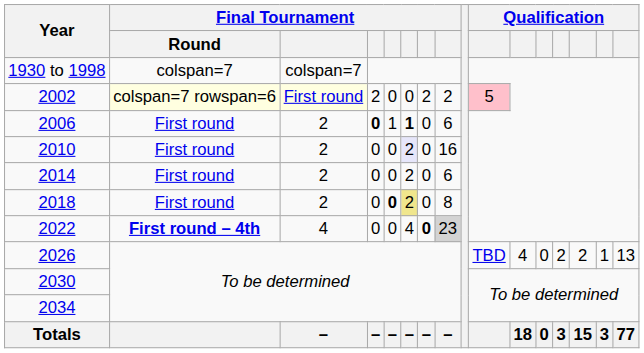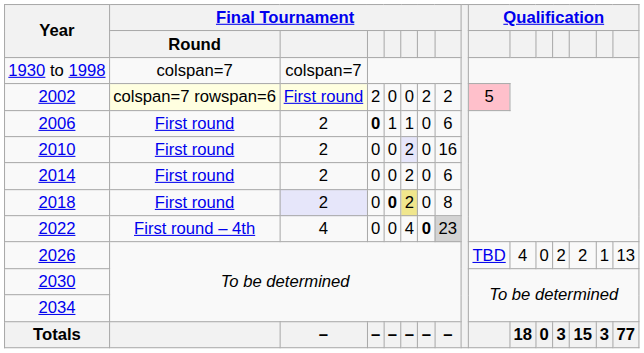 <table class="wikitable" style="text-align: center;font-size:100%;">
 <tr>
 <th rowspan=2>Year</th>
 <th colspan=7><a href='#'>Final Tournament</a></th>
 <th rowspan=13></th>
 <th colspan=7><a href='#'>Qualification</a></th>
 </tr>
 <tr>
 <th>Round</th>
 <th></th>
 <th></th>
 <th></th>
 <th></th>
 <th></th>
 <th></th>
 <th></th>
 <th></th>
 <th></th>
 <th></th>
 <th></th>
 <th></th>
 <th></th>
 </tr>
 <tr>
 <td><a href='#'>1930</a> to <a href='#'>1998</a></td>
 <td>colspan=7 </td>
 <td>colspan=7 </td>
 </tr>
 <tr>
 <td>  <a href='#'>2002</a></td>
 <td style="background: lightyellow;">colspan=7 rowspan=6 </td>
 <td style="background: lightyellow;"><a href='#'>First round</a></td>
 <td>2</td>
 <td>0</td>
 <td>0</td>
 <td>2</td>
 <td>2</td>
 <td style="background: pink;">5</td>
 </tr>
 <tr>
 <td> <a href='#'>2006</a></td>
 <td><a href='#'>First round</a></td>
 <td>2</td>
 <td><strong>0</strong></td>
 <td>1</td>
-<td><strong>1</strong></td>
+<td>1</td>
 <td>0</td>
 <td>6</td>
 </tr>
 <tr>
 <td> <a href='#'>2010</a></td>
 <td><a href='#'>First round</a></td>
 <td>2</td>
 <td>0</td>
 <td>0</td>
 <td style="background: lavender;">2</td>
 <td>0</td>
 <td>16</td>
 </tr>
 <tr>
 <td> <a href='#'>2014</a></td>
 <td><a href='#'>First round</a></td>
 <td>2</td>
 <td>0</td>
 <td>0</td>
 <td>2</td>
 <td>0</td>
 <td>6</td>
 </tr>
 <tr>
 <td> <a href='#'>2018</a></td>
 <td><a href='#'>First round</a></td>
-<td>2</td>
+<td style="background: lavender;">2</td>
 <td>0</td>
 <td><strong>0</strong></td>
 <td style="background: khaki;">2</td>
 <td>0</td>
 <td>8</td>
 </tr>
 <tr>
 <td> <a href='#'>2022</a></td>
-<td><strong><a href='#'>First round – 4th</a></strong></td>
+<td><a href='#'>First round – 4th</a></td>
 <td>4</td>
 <td>0</td>
 <td>0</td>
 <td>4</td>
 <td><strong>0</strong></td>
 <td style="background: lightgrey;">23</td>
 </tr>
 <tr>
 <td>   <a href='#'>2026</a></td>
 <td colspan=7 rowspan=3><em>To be determined</em></td>
 <td><a href='#'>TBD</a></td>
 <td>4</td>
 <td>0</td>
 <td>2</td>
 <td>2</td>
 <td>1</td>
 <td>13</td>
 </tr>
 <tr>
 <td>   <a href='#'>2030</a></td>
 <td colspan=7 rowspan=2><em>To be determined</em></td>
 </tr>
 <tr>
 <td> <a href='#'>2034</a></td>
 </tr>
 <tr>
 <th>Totals</th>
 <th></th>
 <th>–</th>
 <th>–</th>
 <th>–</th>
 <th>–</th>
 <th>–</th>
 <th>–</th>
 <th></th>
 <th>18</th>
 <th>0</th>
 <th>3</th>
 <th>15</th>
 <th>3</th>
 <th>77</th>
 </tr>
 </table>
